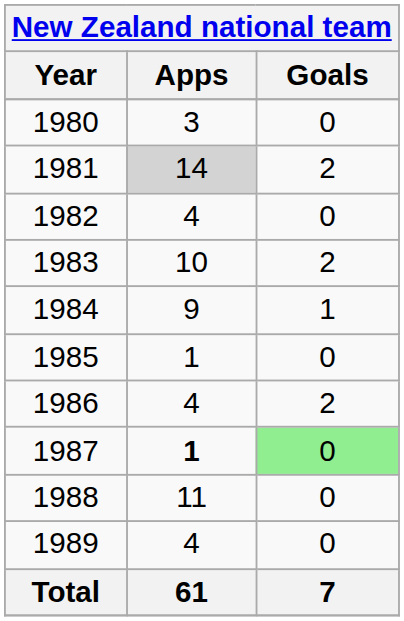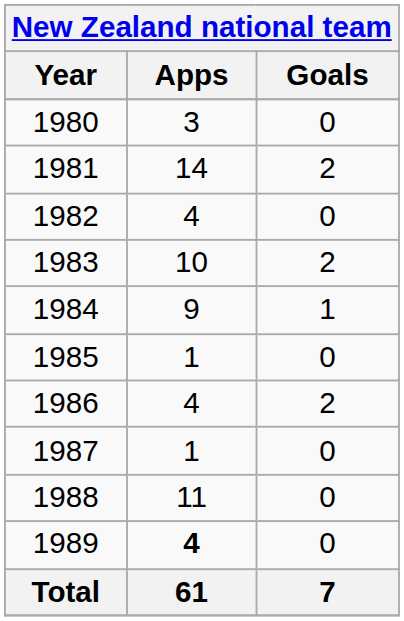 <table class="wikitable" style="text-align:center">
 <tr>
 <th colspan=3><a href='#'>New Zealand national team</a></th>
 </tr>
 <tr>
 <th>Year</th>
 <th>Apps</th>
 <th>Goals</th>
 </tr>
 <tr>
 </tr>
 <tr>
 <td>1980</td>
 <td>3</td>
 <td>0</td>
 </tr>
 <tr>
 <td>1981</td>
-<td style="background: lightgrey;">14</td>
+<td>14</td>
 <td>2</td>
 </tr>
 <tr>
 <td>1982</td>
 <td>4</td>
 <td>0</td>
 </tr>
 <tr>
 <td>1983</td>
 <td>10</td>
 <td>2</td>
 </tr>
 <tr>
 <td>1984</td>
 <td>9</td>
 <td>1</td>
 </tr>
 <tr>
 <td>1985</td>
 <td>1</td>
 <td>0</td>
 </tr>
 <tr>
 <td>1986</td>
 <td>4</td>
 <td>2</td>
 </tr>
 <tr>
 <td>1987</td>
-<td><strong>1</strong></td>
-<td style="background: lightgreen;">0</td>
+<td>1</td>
+<td>0</td>
 </tr>
 <tr>
 <td>1988</td>
 <td>11</td>
 <td>0</td>
 </tr>
 <tr>
 <td>1989</td>
-<td>4</td>
+<td><strong>4</strong></td>
 <td>0</td>
 </tr>
 <tr>
 <th>Total</th>
 <th>61</th>
 <th>7</th>
 </tr>
 <tr>
 </tr>
 </table>
